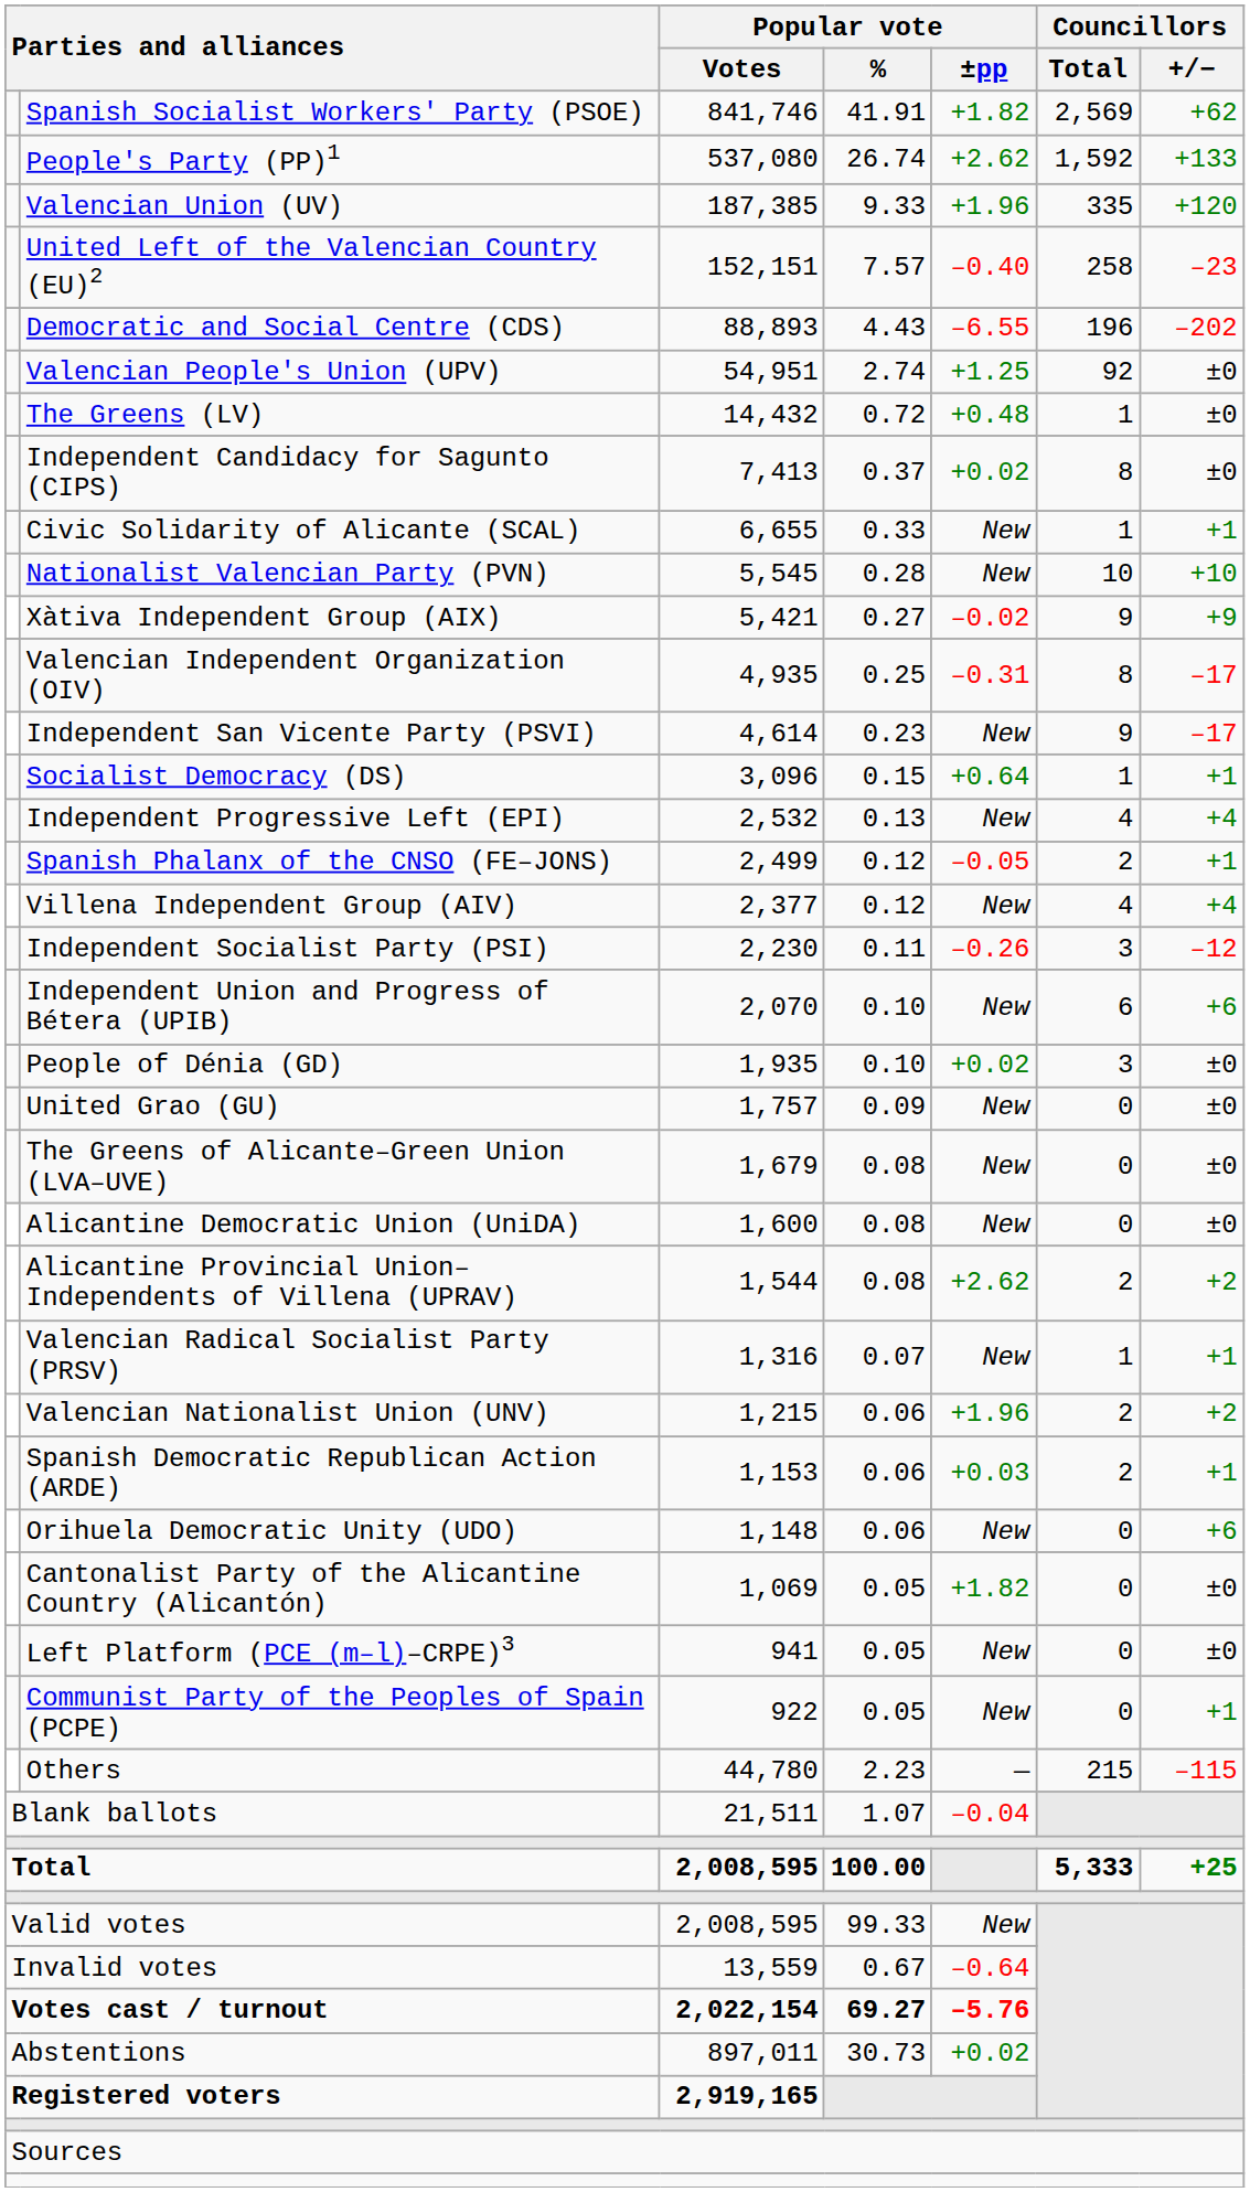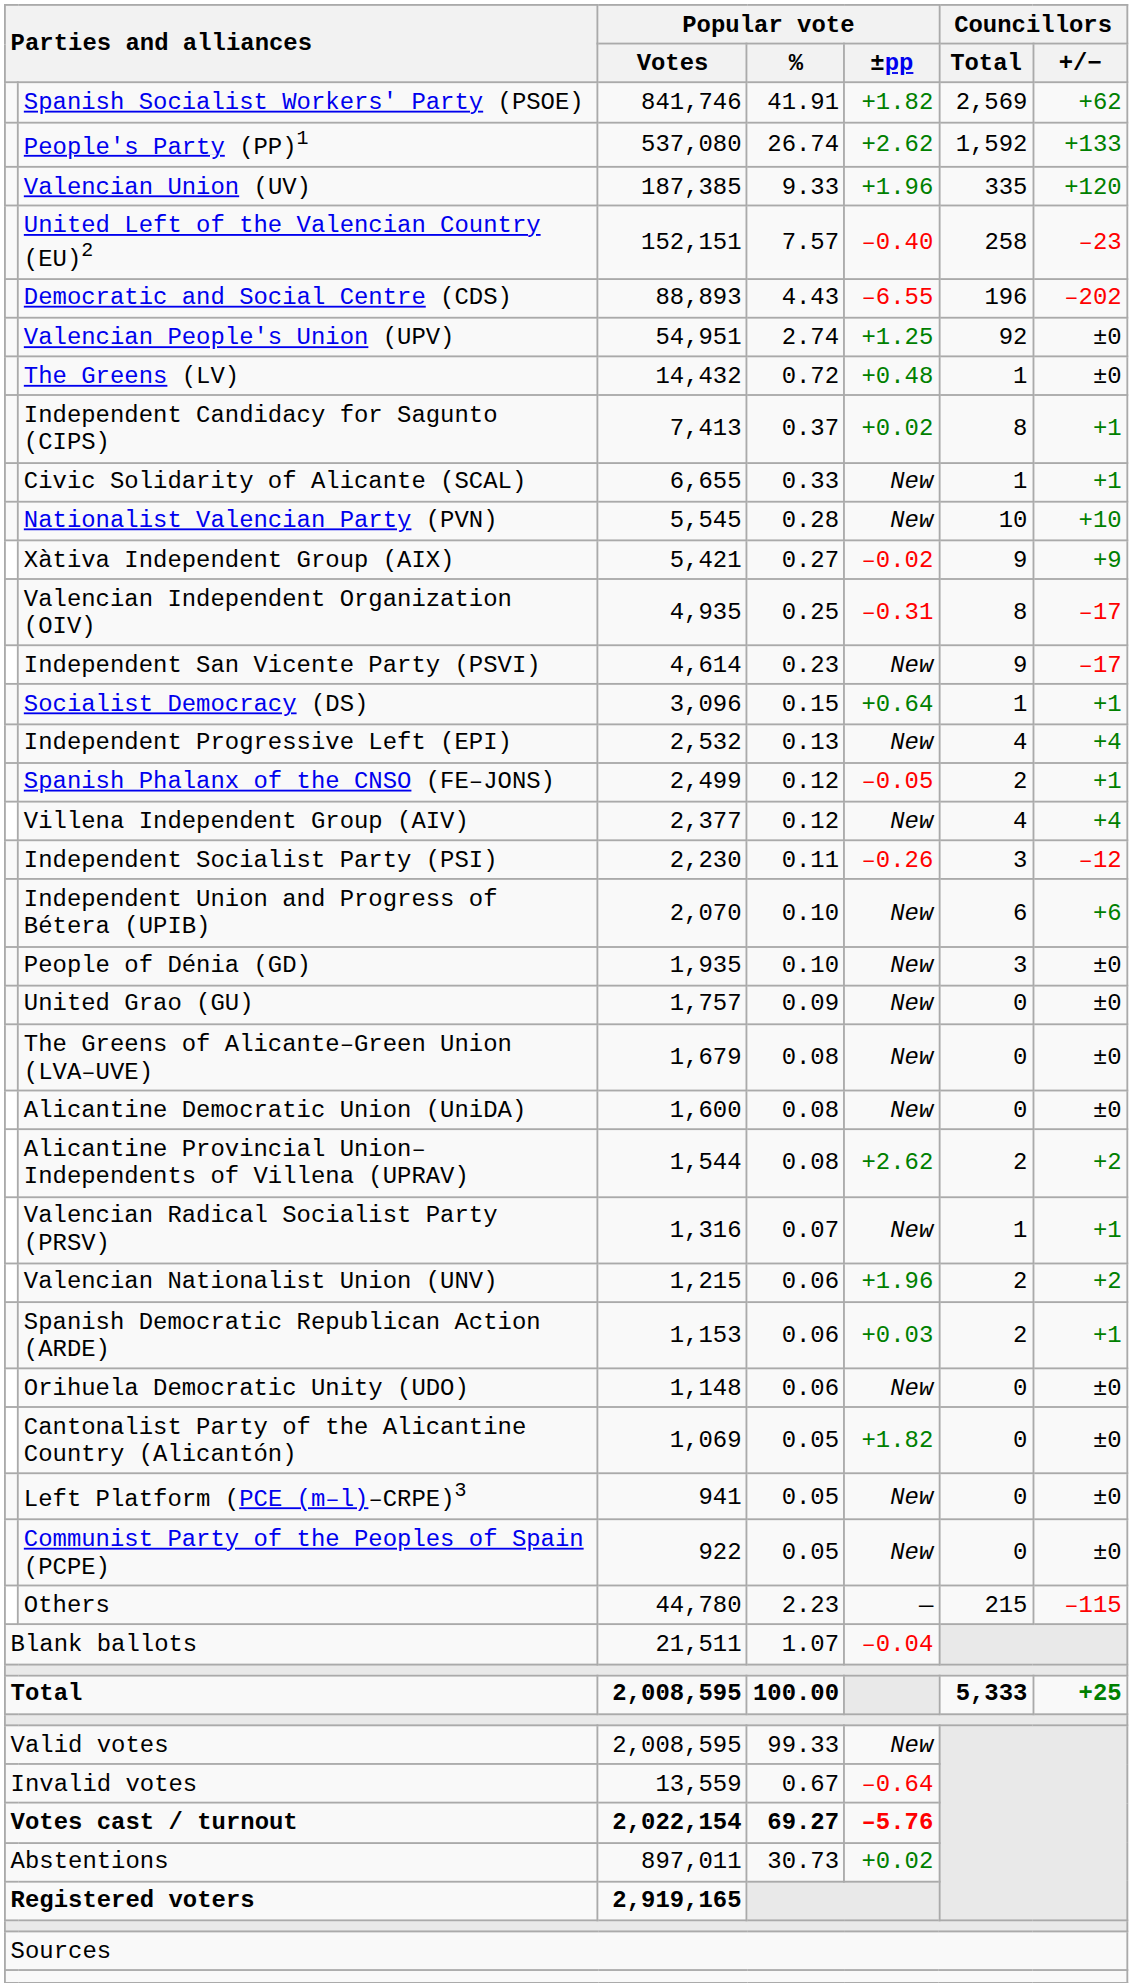 <table class="wikitable" style="text-align:right;">
 <tr>
 <th style="text-align:left;" rowspan="2" colspan="2" width="525">Parties and alliances</th>
 <th colspan="3">Popular vote</th>
 <th colspan="2">Councillors</th>
 </tr>
 <tr>
 <th width="75">Votes</th>
 <th width="45">%</th>
 <th width="45">±<a href='#'>pp</a></th>
 <th width="45">Total</th>
 <th width="45">+/−</th>
 </tr>
 <tr>
 <td width="1" style="color:inherit;background:"></td>
 <td align="left"><a href='#'>Spanish Socialist Workers' Party</a> (PSOE)</td>
 <td>841,746</td>
 <td>41.91</td>
 <td style="color:green;">+1.82</td>
 <td>2,569</td>
 <td style="color:green;">+62</td>
 </tr>
 <tr>
 <td style="color:inherit;background:"></td>
 <td align="left"><a href='#'>People's Party</a> (PP)<sup>1</sup></td>
 <td>537,080</td>
 <td>26.74</td>
 <td style="color:green;">+2.62</td>
 <td>1,592</td>
 <td style="color:green;">+133</td>
 </tr>
 <tr>
 <td style="color:inherit;background:"></td>
 <td align="left"><a href='#'>Valencian Union</a> (UV)</td>
 <td>187,385</td>
 <td>9.33</td>
 <td style="color:green;">+1.96</td>
 <td>335</td>
 <td style="color:green;">+120</td>
 </tr>
 <tr>
 <td style="color:inherit;background:"></td>
 <td align="left"><a href='#'>United Left of the Valencian Country</a> (EU)<sup>2</sup></td>
 <td>152,151</td>
 <td>7.57</td>
 <td style="color:red;">–0.40</td>
 <td>258</td>
 <td style="color:red;">–23</td>
 </tr>
 <tr>
 <td style="color:inherit;background:"></td>
 <td align="left"><a href='#'>Democratic and Social Centre</a> (CDS)</td>
 <td>88,893</td>
 <td>4.43</td>
 <td style="color:red;">–6.55</td>
 <td>196</td>
 <td style="color:red;">–202</td>
 </tr>
 <tr>
 <td style="color:inherit;background:"></td>
 <td align="left"><a href='#'>Valencian People's Union</a> (UPV)</td>
 <td>54,951</td>
 <td>2.74</td>
 <td style="color:green;">+1.25</td>
 <td>92</td>
 <td>±0</td>
 </tr>
 <tr>
 <td style="color:inherit;background:"></td>
 <td align="left"><a href='#'>The Greens</a> (LV)</td>
 <td>14,432</td>
 <td>0.72</td>
 <td style="color:green;">+0.48</td>
 <td>1</td>
 <td>±0</td>
 </tr>
 <tr>
 <td style="color:inherit;background:"></td>
 <td align="left">Independent Candidacy for Sagunto (CIPS)</td>
 <td>7,413</td>
 <td>0.37</td>
 <td style="color:green;">+0.02</td>
 <td>8</td>
-<td>±0</td>
+<td style="color:green;">+1</td>
 </tr>
 <tr>
 <td style="color:inherit;background:"></td>
 <td align="left">Civic Solidarity of Alicante (SCAL)</td>
 <td>6,655</td>
 <td>0.33</td>
 <td><em>New</em></td>
 <td>1</td>
 <td style="color:green;">+1</td>
 </tr>
 <tr>
 <td style="color:inherit;background:"></td>
 <td align="left"><a href='#'>Nationalist Valencian Party</a> (PVN)</td>
 <td>5,545</td>
 <td>0.28</td>
 <td><em>New</em></td>
 <td>10</td>
 <td style="color:green;">+10</td>
 </tr>
 <tr>
 <td bgcolor="white"></td>
 <td align="left">Xàtiva Independent Group (AIX)</td>
 <td>5,421</td>
 <td>0.27</td>
 <td style="color:red;">–0.02</td>
 <td>9</td>
 <td style="color:green;">+9</td>
 </tr>
 <tr>
 <td style="color:inherit;background:"></td>
 <td align="left">Valencian Independent Organization (OIV)</td>
 <td>4,935</td>
 <td>0.25</td>
 <td style="color:red;">–0.31</td>
 <td>8</td>
 <td style="color:red;">–17</td>
 </tr>
 <tr>
 <td bgcolor="white"></td>
 <td align="left">Independent San Vicente Party (PSVI)</td>
 <td>4,614</td>
 <td>0.23</td>
 <td><em>New</em></td>
 <td>9</td>
 <td style="color:red;">–17</td>
 </tr>
 <tr>
 <td style="color:inherit;background:"></td>
 <td align="left"><a href='#'>Socialist Democracy</a> (DS)</td>
 <td>3,096</td>
 <td>0.15</td>
 <td style="color:green;">+0.64</td>
 <td>1</td>
 <td style="color:green;">+1</td>
 </tr>
 <tr>
 <td style="color:inherit;background:"></td>
 <td align="left">Independent Progressive Left (EPI)</td>
 <td>2,532</td>
 <td>0.13</td>
 <td><em>New</em></td>
 <td>4</td>
 <td style="color:green;">+4</td>
 </tr>
 <tr>
 <td style="color:inherit;background:"></td>
 <td align="left"><a href='#'>Spanish Phalanx of the CNSO</a> (FE–JONS)</td>
 <td>2,499</td>
 <td>0.12</td>
 <td style="color:red;">–0.05</td>
 <td>2</td>
 <td style="color:green;">+1</td>
 </tr>
 <tr>
 <td bgcolor="white"></td>
 <td align="left">Villena Independent Group (AIV)</td>
 <td>2,377</td>
 <td>0.12</td>
 <td><em>New</em></td>
 <td>4</td>
 <td style="color:green;">+4</td>
 </tr>
 <tr>
 <td style="color:inherit;background:"></td>
 <td align="left">Independent Socialist Party (PSI)</td>
 <td>2,230</td>
 <td>0.11</td>
 <td style="color:red;">–0.26</td>
 <td>3</td>
 <td style="color:red;">–12</td>
 </tr>
 <tr>
 <td style="color:inherit;background:"></td>
 <td align="left">Independent Union and Progress of Bétera (UPIB)</td>
 <td>2,070</td>
 <td>0.10</td>
 <td><em>New</em></td>
 <td>6</td>
 <td style="color:green;">+6</td>
 </tr>
 <tr>
 <td style="color:inherit;background:"></td>
 <td align="left">People of Dénia (GD)</td>
 <td>1,935</td>
 <td>0.10</td>
-<td style="color:green;">+0.02</td>
+<td><em>New</em></td>
 <td>3</td>
 <td>±0</td>
 </tr>
 <tr>
 <td style="color:inherit;background:"></td>
 <td align="left">United Grao (GU)</td>
 <td>1,757</td>
 <td>0.09</td>
 <td><em>New</em></td>
 <td>0</td>
 <td>±0</td>
 </tr>
 <tr>
 <td style="color:inherit;background:"></td>
 <td align="left">The Greens of Alicante–Green Union (LVA–UVE)</td>
 <td>1,679</td>
 <td>0.08</td>
 <td><em>New</em></td>
 <td>0</td>
 <td>±0</td>
 </tr>
 <tr>
 <td bgcolor="white"></td>
 <td align="left">Alicantine Democratic Union (UniDA)</td>
 <td>1,600</td>
 <td>0.08</td>
 <td><em>New</em></td>
 <td>0</td>
 <td>±0</td>
 </tr>
 <tr>
 <td bgcolor="white"></td>
 <td align="left">Alicantine Provincial Union–Independents of Villena (UPRAV)</td>
 <td>1,544</td>
 <td>0.08</td>
 <td style="color:green;">+2.62</td>
 <td>2</td>
 <td style="color:green;">+2</td>
 </tr>
 <tr>
 <td bgcolor="white"></td>
 <td align="left">Valencian Radical Socialist Party (PRSV)</td>
 <td>1,316</td>
 <td>0.07</td>
 <td><em>New</em></td>
 <td>1</td>
 <td style="color:green;">+1</td>
 </tr>
 <tr>
 <td bgcolor="white"></td>
 <td align="left">Valencian Nationalist Union (UNV)</td>
 <td>1,215</td>
 <td>0.06</td>
 <td style="color:green;">+1.96</td>
 <td>2</td>
 <td style="color:green;">+2</td>
 </tr>
 <tr>
 <td style="color:inherit;background:"></td>
 <td align="left">Spanish Democratic Republican Action (ARDE)</td>
 <td>1,153</td>
 <td>0.06</td>
 <td style="color:green;">+0.03</td>
 <td>2</td>
 <td style="color:green;">+1</td>
 </tr>
 <tr>
 <td bgcolor="white"></td>
 <td align="left">Orihuela Democratic Unity (UDO)</td>
 <td>1,148</td>
 <td>0.06</td>
 <td><em>New</em></td>
 <td>0</td>
-<td style="color:green;">+6</td>
+<td>±0</td>
 </tr>
 <tr>
 <td bgcolor="white"></td>
 <td align="left">Cantonalist Party of the Alicantine Country (Alicantón)</td>
 <td>1,069</td>
 <td>0.05</td>
 <td style="color:green;">+1.82</td>
 <td>0</td>
 <td>±0</td>
 </tr>
 <tr>
 <td style="color:inherit;background:"></td>
 <td align="left">Left Platform (<a href='#'>PCE (m–l)</a>–CRPE)<sup>3</sup></td>
 <td>941</td>
 <td>0.05</td>
 <td><em>New</em></td>
 <td>0</td>
 <td>±0</td>
 </tr>
 <tr>
 <td style="color:inherit;background:"></td>
 <td align="left"><a href='#'>Communist Party of the Peoples of Spain</a> (PCPE)</td>
 <td>922</td>
 <td>0.05</td>
 <td><em>New</em></td>
 <td>0</td>
-<td style="color:green;">+1</td>
+<td>±0</td>
 </tr>
 <tr>
 <td bgcolor="white"></td>
 <td align="left">Others</td>
 <td>44,780</td>
 <td>2.23</td>
 <td>—</td>
 <td>215</td>
 <td style="color:red;">–115</td>
 </tr>
 <tr>
 <td align="left" colspan="2">Blank ballots</td>
 <td>21,511</td>
 <td>1.07</td>
 <td style="color:red;">–0.04</td>
 <td bgcolor="#E9E9E9" colspan="2"></td>
 </tr>
 <tr>
 <td colspan="7" bgcolor="#E9E9E9"></td>
 </tr>
 <tr style="font-weight:bold;">
 <td align="left" colspan="2">Total</td>
 <td>2,008,595</td>
 <td>100.00</td>
 <td bgcolor="#E9E9E9"></td>
 <td>5,333</td>
 <td style="color:green;">+25</td>
 </tr>
 <tr>
 <td colspan="7" bgcolor="#E9E9E9"></td>
 </tr>
 <tr>
 <td align="left" colspan="2">Valid votes</td>
 <td>2,008,595</td>
 <td>99.33</td>
 <td><em>New</em></td>
 <td bgcolor="#E9E9E9" colspan="2" rowspan="5"></td>
 </tr>
 <tr>
 <td align="left" colspan="2">Invalid votes</td>
 <td>13,559</td>
 <td>0.67</td>
 <td style="color:red;">–0.64</td>
 </tr>
 <tr style="font-weight:bold;">
 <td align="left" colspan="2">Votes cast / turnout</td>
 <td>2,022,154</td>
 <td>69.27</td>
 <td style="color:red;">–5.76</td>
 </tr>
 <tr>
 <td align="left" colspan="2">Abstentions</td>
 <td>897,011</td>
 <td>30.73</td>
 <td style="color:green;">+0.02</td>
 </tr>
 <tr style="font-weight:bold;">
 <td align="left" colspan="2">Registered voters</td>
 <td>2,919,165</td>
 <td bgcolor="#E9E9E9" colspan="2"></td>
 </tr>
 <tr>
 <td colspan="7" bgcolor="#E9E9E9"></td>
 </tr>
 <tr>
 <td align="left" colspan="7">Sources</td>
 </tr>
 <tr>
 <td colspan="7" style="text-align:left; max-width:790px;"></td>
 </tr>
 </table>
